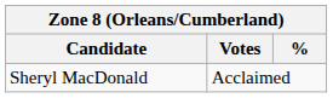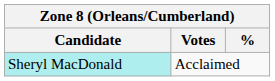 <table class="wikitable">
 <tr>
 <th colspan="3">Zone 8 (Orleans/Cumberland)</th>
 </tr>
 <tr>
 <th style="width: 170px">Candidate</th>
 <th style="width: 50px">Votes</th>
 <th style="width: 40px">%</th>
 </tr>
 <tr>
-<td>Sheryl MacDonald</td>
+<td style="background: paleturquoise;">Sheryl MacDonald</td>
 <td colspan="2">Acclaimed</td>
 </tr>
 </table>
